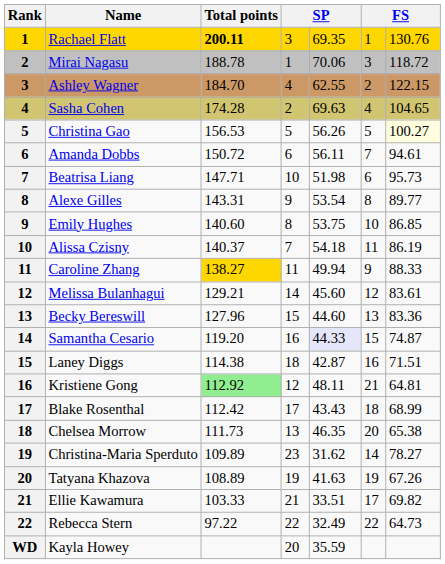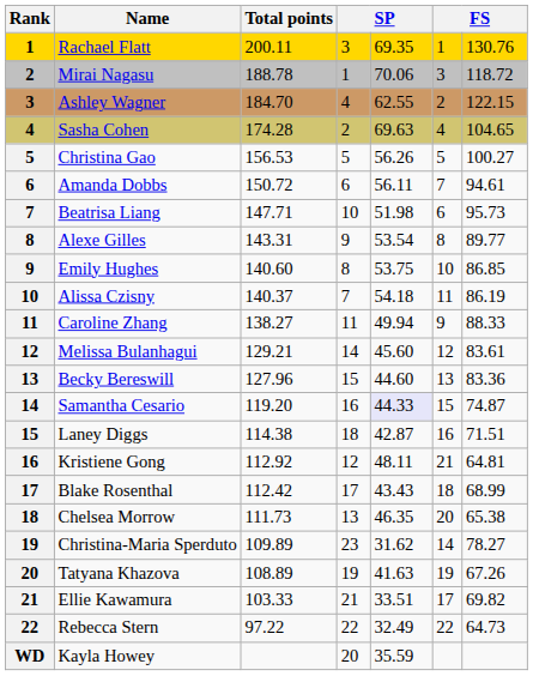 <table class="wikitable sortable">
 <tr>
 <th>Rank</th>
 <th>Name</th>
 <th>Total points</th>
 <th colspan="2" width="80px"><a href='#'>SP</a></th>
 <th colspan="2" width="80px"><a href='#'>FS</a></th>
 </tr>
 <tr bgcolor="gold">
 <td align="center"><strong>1</strong></td>
 <td><a href='#'>Rachael Flatt</a></td>
-<td><strong>200.11</strong></td>
+<td>200.11</td>
 <td>3</td>
 <td>69.35</td>
 <td>1</td>
 <td>130.76</td>
 </tr>
 <tr bgcolor="silver">
 <td align="center"><strong>2</strong></td>
 <td><a href='#'>Mirai Nagasu</a></td>
 <td>188.78</td>
 <td>1</td>
 <td>70.06</td>
 <td>3</td>
 <td>118.72</td>
 </tr>
 <tr bgcolor="cc9966">
 <td align="center"><strong>3</strong></td>
 <td><a href='#'>Ashley Wagner</a></td>
 <td>184.70</td>
 <td>4</td>
 <td>62.55</td>
 <td>2</td>
 <td>122.15</td>
 </tr>
 <tr bgcolor="#d1c571">
 <td align="center"><strong>4</strong></td>
 <td><a href='#'>Sasha Cohen</a></td>
 <td>174.28</td>
 <td>2</td>
 <td>69.63</td>
 <td>4</td>
 <td>104.65</td>
 </tr>
 <tr>
 <th>5</th>
 <td><a href='#'>Christina Gao</a></td>
 <td>156.53</td>
 <td>5</td>
 <td>56.26</td>
 <td>5</td>
-<td style="background: lightyellow;">100.27</td>
+<td>100.27</td>
 </tr>
 <tr>
 <th>6</th>
 <td><a href='#'>Amanda Dobbs</a></td>
 <td>150.72</td>
 <td>6</td>
 <td>56.11</td>
 <td>7</td>
 <td>94.61</td>
 </tr>
 <tr>
 <th>7</th>
 <td><a href='#'>Beatrisa Liang</a></td>
 <td>147.71</td>
 <td>10</td>
 <td>51.98</td>
 <td>6</td>
 <td>95.73</td>
 </tr>
 <tr>
 <th>8</th>
 <td><a href='#'>Alexe Gilles</a></td>
 <td>143.31</td>
 <td>9</td>
 <td>53.54</td>
 <td>8</td>
 <td>89.77</td>
 </tr>
 <tr>
 <th>9</th>
 <td><a href='#'>Emily Hughes</a></td>
 <td>140.60</td>
 <td>8</td>
 <td>53.75</td>
 <td>10</td>
 <td>86.85</td>
 </tr>
 <tr>
 <th>10</th>
 <td><a href='#'>Alissa Czisny</a></td>
 <td>140.37</td>
 <td>7</td>
 <td>54.18</td>
 <td>11</td>
 <td>86.19</td>
 </tr>
 <tr>
 <th>11</th>
 <td><a href='#'>Caroline Zhang</a></td>
-<td style="background: gold;">138.27</td>
+<td>138.27</td>
 <td>11</td>
 <td>49.94</td>
 <td>9</td>
 <td>88.33</td>
 </tr>
 <tr>
 <th>12</th>
 <td><a href='#'>Melissa Bulanhagui</a></td>
 <td>129.21</td>
 <td>14</td>
 <td>45.60</td>
 <td>12</td>
 <td>83.61</td>
 </tr>
 <tr>
 <th>13</th>
 <td><a href='#'>Becky Bereswill</a></td>
 <td>127.96</td>
 <td>15</td>
 <td>44.60</td>
 <td>13</td>
 <td>83.36</td>
 </tr>
 <tr>
 <th>14</th>
 <td><a href='#'>Samantha Cesario</a></td>
 <td>119.20</td>
 <td>16</td>
 <td style="background: lavender;">44.33</td>
 <td>15</td>
 <td>74.87</td>
 </tr>
 <tr>
 <th>15</th>
 <td>Laney Diggs</td>
 <td>114.38</td>
 <td>18</td>
 <td>42.87</td>
 <td>16</td>
 <td>71.51</td>
 </tr>
 <tr>
 <th>16</th>
 <td>Kristiene Gong</td>
-<td style="background: lightgreen;">112.92</td>
+<td>112.92</td>
 <td>12</td>
 <td>48.11</td>
 <td>21</td>
 <td>64.81</td>
 </tr>
 <tr>
 <th>17</th>
 <td>Blake Rosenthal</td>
 <td>112.42</td>
 <td>17</td>
 <td>43.43</td>
 <td>18</td>
 <td>68.99</td>
 </tr>
 <tr>
 <th>18</th>
 <td>Chelsea Morrow</td>
 <td>111.73</td>
 <td>13</td>
 <td>46.35</td>
 <td>20</td>
 <td>65.38</td>
 </tr>
 <tr>
 <th>19</th>
 <td>Christina-Maria Sperduto</td>
 <td>109.89</td>
 <td>23</td>
 <td>31.62</td>
 <td>14</td>
 <td>78.27</td>
 </tr>
 <tr>
 <th>20</th>
 <td>Tatyana Khazova</td>
 <td>108.89</td>
 <td>19</td>
 <td>41.63</td>
 <td>19</td>
 <td>67.26</td>
 </tr>
 <tr>
 <th>21</th>
 <td>Ellie Kawamura</td>
 <td>103.33</td>
 <td>21</td>
 <td>33.51</td>
 <td>17</td>
 <td>69.82</td>
 </tr>
 <tr>
 <th>22</th>
 <td>Rebecca Stern</td>
 <td>97.22</td>
 <td>22</td>
 <td>32.49</td>
 <td>22</td>
 <td>64.73</td>
 </tr>
 <tr>
 <th>WD</th>
 <td>Kayla Howey</td>
 <td></td>
 <td>20</td>
 <td>35.59</td>
 <td></td>
 <td></td>
 </tr>
 </table>
